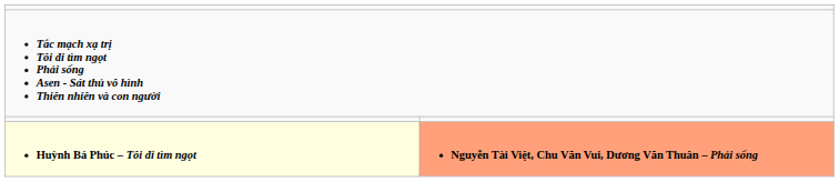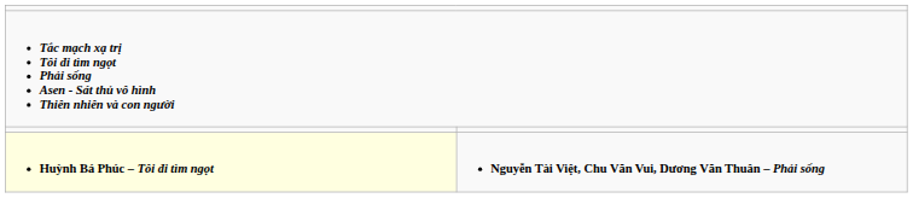 <table class="wikitable" align="center" style="width:91%">
 <tr>
 <td colspan="2" style="vertical-align:top; width:100%;"></td>
 </tr>
 <tr>
 <td colspan="2" valign="top"><br><ul><li><strong><em><span>Tắc mạch xạ trị</span></em></strong></li><li><strong><em><span>Tôi đi tìm ngọt</span></em></strong></li><li><strong><em><span>Phải sống</span></em></strong></li><li><strong><em><span>Asen - Sát thủ vô hình</span></em></strong></li><li><strong><em><span>Thiên nhiên và con người</span></em></strong></li></ul></td>
 </tr>
 <tr>
 <td style="vertical-align:top; width:50%;"></td>
 <td style="vertical-align:top; width:50%;"></td>
 </tr>
 <tr>
 <td valign="top" style="background: lightyellow;"><br><ul><li><strong>Huỳnh Bá Phúc – <em>Tôi đi tìm ngọt</em> </strong></li></ul></td>
-<td valign="top" style="background: lightsalmon;"><br><ul><li><strong>Nguyễn Tài Việt, Chu Văn Vui, Dương Văn Thuân – <em>Phải sống</em> </strong></li></ul></td>
+<td valign="top"><br><ul><li><strong>Nguyễn Tài Việt, Chu Văn Vui, Dương Văn Thuân – <em>Phải sống</em> </strong></li></ul></td>
 </tr>
 </table>
